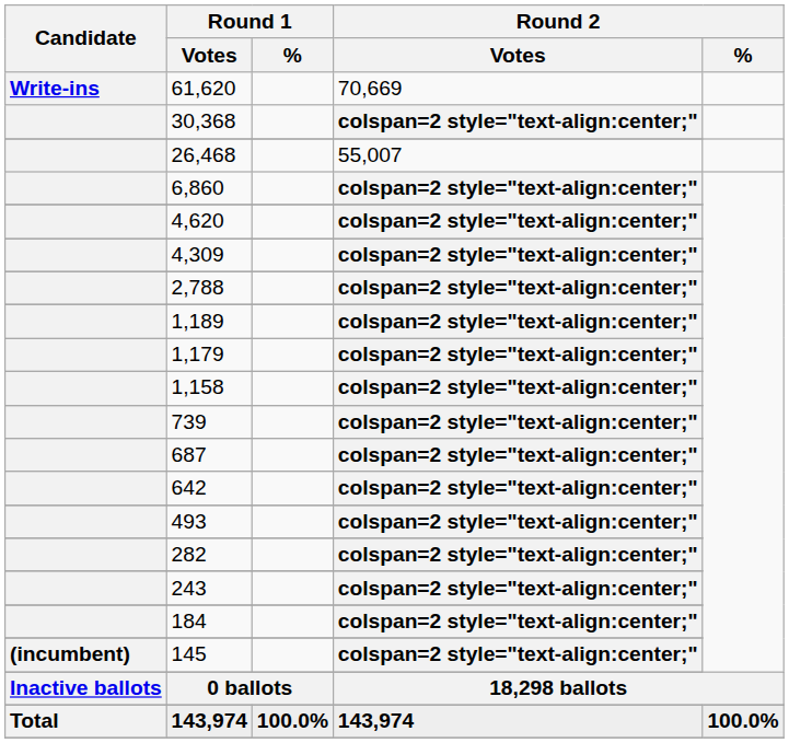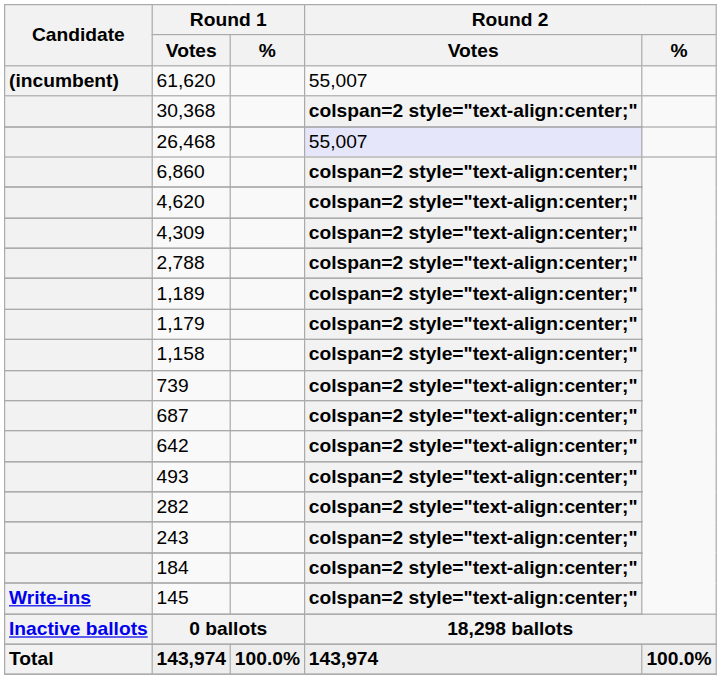 <table class="wikitable sortable">
 <tr style="background:#eee; text-align:center;">
 <th rowspan=2 style="text-align:center;">Candidate</th>
 <th colspan=2 style="text-align:center;">Round 1</th>
 <th colspan=2 style="text-align:center;">Round 2</th>
 </tr>
 <tr>
 <th>Votes</th>
 <th>%</th>
 <th>Votes</th>
 <th>%</th>
 </tr>
 <tr>
-<th scope="row" style="text-align:left;"><a href='#'>Write-ins</a></th>
+<th scope="row" style="text-align:left;"> (incumbent)</th>
 <td>61,620</td>
 <td></td>
-<td>70,669</td>
+<td>55,007</td>
 <td></td>
 </tr>
 <tr>
 <th scope="row" style="text-align:left;"></th>
 <td>30,368</td>
 <td></td>
 <th>colspan=2 style="text-align:center;" </th>
 </tr>
 <tr>
 </tr>
 <tr>
 <th scope="row" style="text-align:left;"></th>
 <td>26,468</td>
 <td></td>
-<td>55,007</td>
+<td style="background: lavender;">55,007</td>
 <td></td>
 </tr>
 <tr>
 <th scope="row" style="text-align:left;"></th>
 <td>6,860</td>
 <td></td>
 <th>colspan=2 style="text-align:center;" </th>
 </tr>
 <tr>
 </tr>
 <tr>
 <th scope="row" style="text-align:left;"></th>
 <td>4,620</td>
 <td></td>
 <th>colspan=2 style="text-align:center;" </th>
 </tr>
 <tr>
 </tr>
 <tr>
 <th scope="row" style="text-align:left;"></th>
 <td>4,309</td>
 <td></td>
 <th>colspan=2 style="text-align:center;" </th>
 </tr>
 <tr>
 </tr>
 <tr>
 <th scope="row" style="text-align:left;"></th>
 <td>2,788</td>
 <td></td>
 <th>colspan=2 style="text-align:center;" </th>
 </tr>
 <tr>
 </tr>
 <tr>
 <th scope="row" style="text-align:left;"></th>
 <td>1,189</td>
 <td></td>
 <th>colspan=2 style="text-align:center;" </th>
 </tr>
 <tr>
 </tr>
 <tr>
 <th scope="row" style="text-align:left;"></th>
 <td>1,179</td>
 <td></td>
 <th>colspan=2 style="text-align:center;" </th>
 </tr>
 <tr>
 </tr>
 <tr>
 <th scope="row" style="text-align:left;"></th>
 <td>1,158</td>
 <td></td>
 <th>colspan=2 style="text-align:center;" </th>
 </tr>
 <tr>
 </tr>
 <tr>
 <th scope="row" style="text-align:left;"></th>
 <td>739</td>
 <td></td>
 <th>colspan=2 style="text-align:center;" </th>
 </tr>
 <tr>
 </tr>
 <tr>
 <th scope="row" style="text-align:left;"></th>
 <td>687</td>
 <td></td>
 <th>colspan=2 style="text-align:center;" </th>
 </tr>
 <tr>
 </tr>
 <tr>
 <th scope="row" style="text-align:left;"></th>
 <td>642</td>
 <td></td>
 <th>colspan=2 style="text-align:center;" </th>
 </tr>
 <tr>
 </tr>
 <tr>
 <th scope="row" style="text-align:left;"></th>
 <td>493</td>
 <td></td>
 <th>colspan=2 style="text-align:center;" </th>
 </tr>
 <tr>
 </tr>
 <tr>
 <th scope="row" style="text-align:left;"></th>
 <td>282</td>
 <td></td>
 <th>colspan=2 style="text-align:center;" </th>
 </tr>
 <tr>
 </tr>
 <tr>
 <th scope="row" style="text-align:left;"></th>
 <td>243</td>
 <td></td>
 <th>colspan=2 style="text-align:center;" </th>
 </tr>
 <tr>
 </tr>
 <tr>
 <th scope="row" style="text-align:left;"></th>
 <td>184</td>
 <td></td>
 <th>colspan=2 style="text-align:center;" </th>
 </tr>
 <tr>
 </tr>
 <tr>
-<th scope="row" style="text-align:left;"> (incumbent)</th>
+<th scope="row" style="text-align:left;"><a href='#'>Write-ins</a></th>
 <td>145</td>
 <td></td>
 <th>colspan=2 style="text-align:center;" </th>
 </tr>
 <tr>
 </tr>
 <tr>
 </tr>
 <tr style="background:#eee;">
 <th scope="row" style="text-align:left;"><a href='#'>Inactive ballots</a></th>
 <th colspan="2">0 ballots</th>
 <th colspan="2">18,298 ballots</th>
 </tr>
 <tr>
 </tr>
 <tr style="background:#eee;">
 <th scope="row" style="text-align:left;">Total</th>
 <td><strong>143,974</strong></td>
 <td><strong>100.0%</strong></td>
 <td><strong>143,974</strong></td>
 <td><strong>100.0%</strong></td>
 </tr>
 <tr>
 </tr>
 </table>
